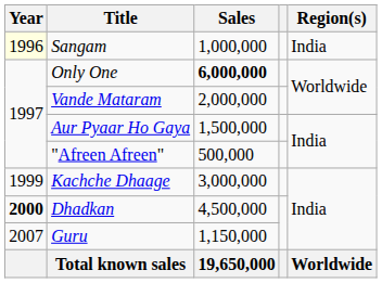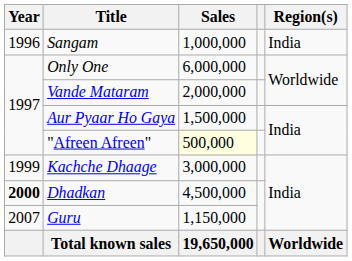 <table class="wikitable sortable">
 <tr>
 <th>Year</th>
 <th>Title</th>
 <th>Sales</th>
 <th></th>
 <th>Region(s)</th>
 </tr>
 <tr>
-<td style="background: lightyellow;">1996</td>
+<td>1996</td>
 <td><em>Sangam</em></td>
 <td>1,000,000</td>
 <td></td>
 <td>India</td>
 </tr>
 <tr>
 <td rowspan="4">1997</td>
 <td><em>Only One</em></td>
-<td><strong>6,000,000</strong></td>
+<td>6,000,000</td>
 <td></td>
 <td rowspan="2">Worldwide</td>
 </tr>
 <tr>
 <td><em><a href='#'>Vande Mataram</a></em></td>
 <td>2,000,000</td>
 <td></td>
 </tr>
 <tr>
 <td><em><a href='#'>Aur Pyaar Ho Gaya</a></em></td>
 <td>1,500,000</td>
 <td></td>
 <td rowspan="2">India</td>
 </tr>
 <tr>
 <td>"<a href='#'>Afreen Afreen</a>"</td>
-<td>500,000</td>
+<td style="background: lightyellow;">500,000</td>
 <td></td>
 </tr>
 <tr>
 <td>1999</td>
 <td><em><a href='#'>Kachche Dhaage</a></em></td>
 <td>3,000,000</td>
 <td></td>
 <td rowspan="3">India</td>
 </tr>
 <tr>
 <td><strong>2000</strong></td>
 <td><em><a href='#'>Dhadkan</a></em></td>
 <td>4,500,000</td>
 <td rowspan="2"></td>
 </tr>
 <tr>
 <td>2007</td>
 <td><em><a href='#'>Guru</a></em></td>
 <td>1,150,000</td>
 </tr>
 <tr>
 <th></th>
 <th>Total known sales</th>
 <th>19,650,000</th>
 <th></th>
 <th>Worldwide</th>
 </tr>
 </table>
